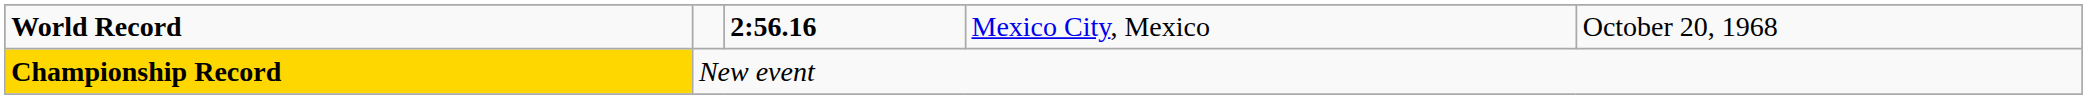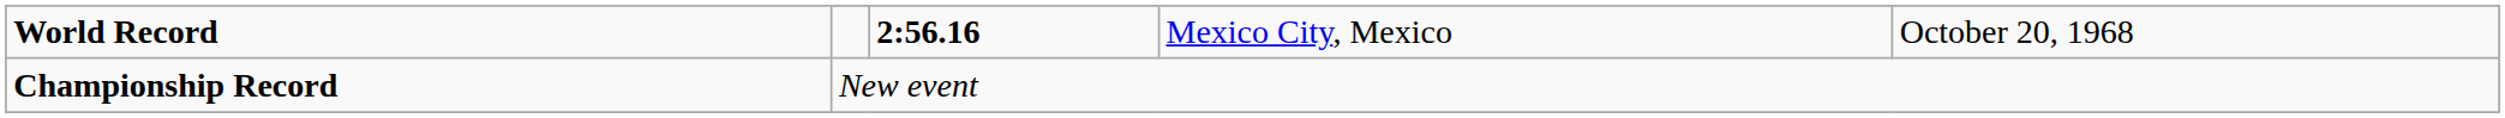 <table class="wikitable" width=75%>
 <tr>
 <td><strong>World Record</strong></td>
 <td></td>
 <td><strong>2:56.16</strong></td>
 <td><a href='#'>Mexico City</a>, Mexico</td>
 <td>October 20, 1968</td>
 </tr>
 <tr>
-<td style="background: gold;"><strong>Championship Record</strong></td>
+<td><strong>Championship Record</strong></td>
 <td colspan="4"><em>New event</em></td>
 </tr>
 </table>
